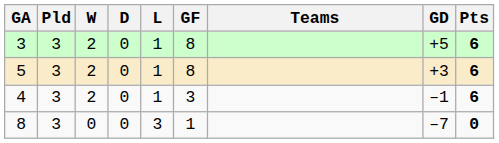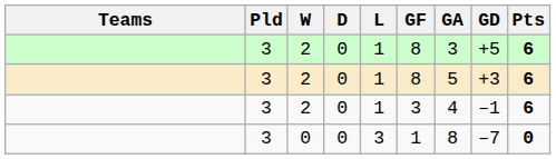 <table class="wikitable" style="text-align: center;">
 <tr>
-<th width=20>GA</th>
+<th width=165>Teams</th>
 <th width=20>Pld</th>
 <th width=20>W</th>
 <th width=20>D</th>
 <th width=20>L</th>
 <th width=20>GF</th>
-<th width=165>Teams</th>
+<th width=20>GA</th>
 <th width=20>GD</th>
 <th width=20>Pts</th>
 </tr>
 <tr align=center style="background:#ccffcc;">
-<td>3</td>
+<td style="text-align:left;"></td>
 <td>3</td>
 <td>2</td>
 <td>0</td>
 <td>1</td>
 <td>8</td>
-<td style="text-align:left;"></td>
+<td>3</td>
 <td>+5</td>
 <td><strong>6</strong></td>
 </tr>
 <tr align=center style="background:#faecc8;">
-<td>5</td>
+<td style="text-align:left;"></td>
 <td>3</td>
 <td>2</td>
 <td>0</td>
 <td>1</td>
 <td>8</td>
-<td style="text-align:left;"></td>
+<td>5</td>
 <td>+3</td>
 <td><strong>6</strong></td>
 </tr>
 <tr align=center>
-<td>4</td>
+<td style="text-align:left;"></td>
 <td>3</td>
 <td>2</td>
 <td>0</td>
 <td>1</td>
 <td>3</td>
-<td style="text-align:left;"></td>
+<td>4</td>
 <td>–1</td>
 <td><strong>6</strong></td>
 </tr>
 <tr align=center>
-<td>8</td>
+<td style="text-align:left;"></td>
 <td>3</td>
 <td>0</td>
 <td>0</td>
 <td>3</td>
 <td>1</td>
-<td style="text-align:left;"></td>
+<td>8</td>
 <td>–7</td>
 <td><strong>0</strong></td>
 </tr>
 </table>
